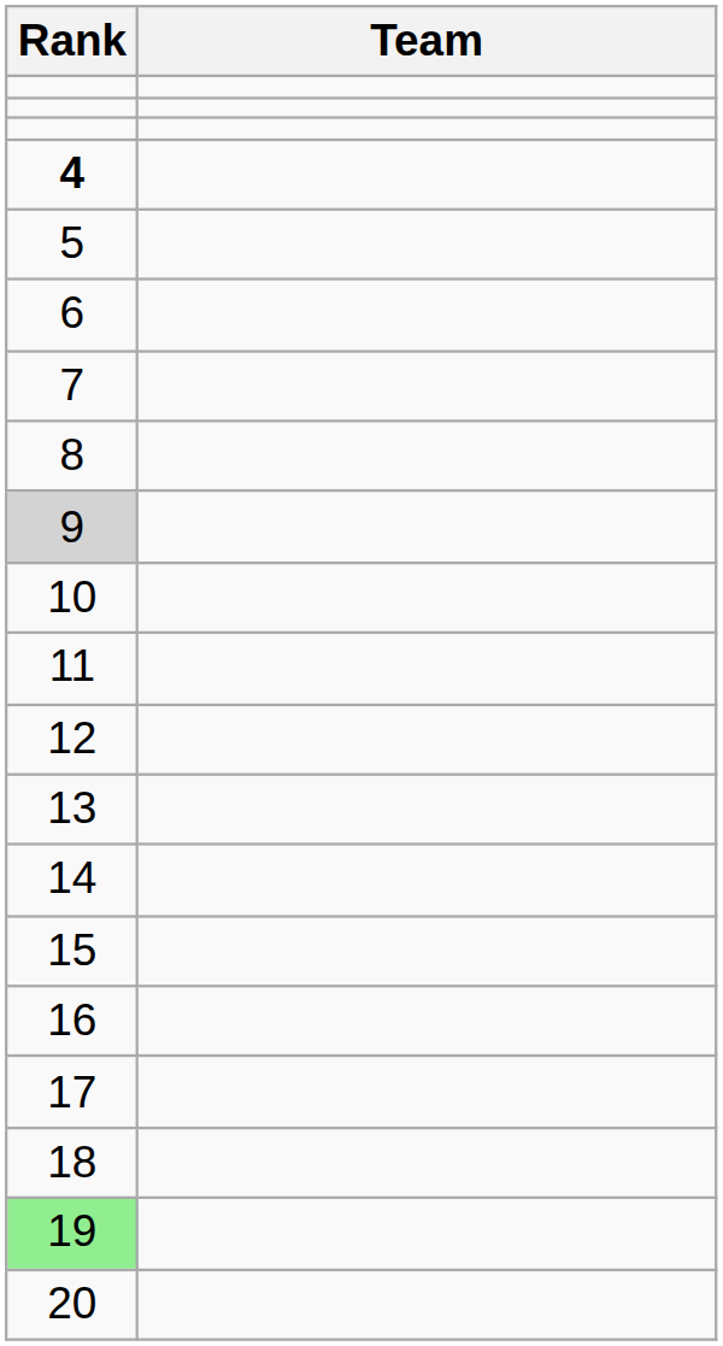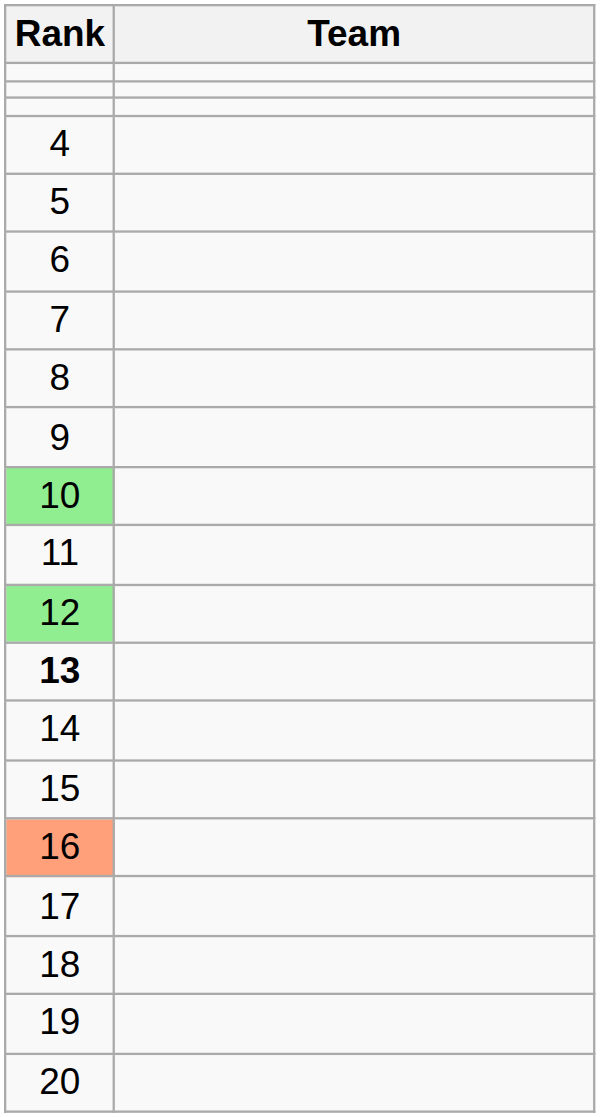 <table class="wikitable" style="text-align:center">
 <tr>
 <th width=40>Rank</th>
 <th width=200>Team</th>
 </tr>
 <tr>
 <td></td>
 <td style="text-align:left"></td>
 </tr>
 <tr>
 <td></td>
 <td style="text-align:left"></td>
 </tr>
 <tr>
 <td></td>
 <td style="text-align:left"></td>
 </tr>
 <tr>
-<td><strong>4</strong></td>
+<td>4</td>
 <td style="text-align:left"></td>
 </tr>
 <tr>
 <td>5</td>
 <td style="text-align:left"></td>
 </tr>
 <tr>
 <td>6</td>
 <td style="text-align:left"></td>
 </tr>
 <tr>
 <td>7</td>
 <td style="text-align:left"></td>
 </tr>
 <tr>
 <td>8</td>
 <td style="text-align:left"></td>
 </tr>
 <tr>
-<td style="background: lightgrey;">9</td>
+<td>9</td>
 <td style="text-align:left"></td>
 </tr>
 <tr>
-<td>10</td>
+<td style="background: lightgreen;">10</td>
 <td style="text-align:left"></td>
 </tr>
 <tr>
 <td>11</td>
 <td style="text-align:left"></td>
 </tr>
 <tr>
-<td>12</td>
+<td style="background: lightgreen;">12</td>
 <td style="text-align:left"></td>
 </tr>
 <tr>
-<td>13</td>
+<td><strong>13</strong></td>
 <td style="text-align:left"></td>
 </tr>
 <tr>
 <td>14</td>
 <td style="text-align:left"></td>
 </tr>
 <tr>
 <td>15</td>
 <td style="text-align:left"></td>
 </tr>
 <tr>
-<td>16</td>
+<td style="background: lightsalmon;">16</td>
 <td style="text-align:left"></td>
 </tr>
 <tr>
 <td>17</td>
 <td style="text-align:left"></td>
 </tr>
 <tr>
 <td>18</td>
 <td style="text-align:left"></td>
 </tr>
 <tr>
-<td style="background: lightgreen;">19</td>
+<td>19</td>
 <td style="text-align:left"></td>
 </tr>
 <tr>
 <td>20</td>
 <td style="text-align:left"></td>
 </tr>
 </table>
